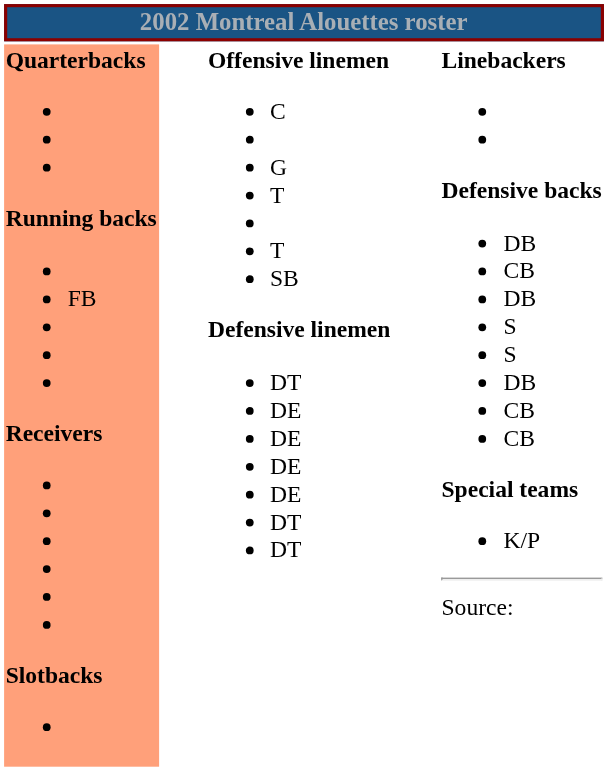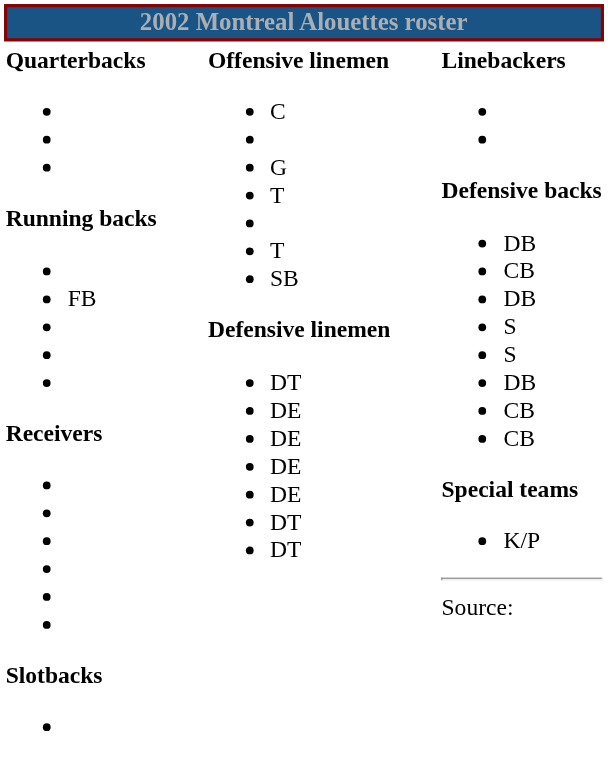 <table class="toccolours" style="text-align: left;">
 <tr>
 <th colspan="7" style="background-color: #1A5484; color:#A9AFB5; border:2px solid darkred; text-align: center">2002 Montreal Alouettes roster</th>
 </tr>
 <tr>
-<td style="background: lightsalmon; font-size: 95%;" valign="top"><strong>Quarterbacks</strong><br><ul><li></li><li></li><li></li></ul><strong>Running backs</strong><ul><li></li><li> FB</li><li></li><li></li><li></li></ul><strong>Receivers</strong><ul><li></li><li></li><li></li><li></li><li></li><li></li></ul><strong>Slotbacks</strong><ul><li></li></ul></td>
+<td style="font-size: 95%;" valign="top"><strong>Quarterbacks</strong><br><ul><li></li><li></li><li></li></ul><strong>Running backs</strong><ul><li></li><li> FB</li><li></li><li></li><li></li></ul><strong>Receivers</strong><ul><li></li><li></li><li></li><li></li><li></li><li></li></ul><strong>Slotbacks</strong><ul><li></li></ul></td>
 <td style="width: 25px;"></td>
 <td style="font-size: 95%;" valign="top"><strong>Offensive linemen</strong><br><ul><li> C</li><li></li><li> G</li><li> T</li><li></li><li> T</li><li> SB</li></ul><strong>Defensive linemen</strong><ul><li> DT</li><li> DE</li><li> DE</li><li> DE</li><li> DE</li><li> DT</li><li> DT</li></ul></td>
 <td style="width: 25px;"></td>
 <td style="font-size: 95%;" valign="top"><strong>Linebackers</strong><br><ul><li></li><li></li></ul><strong>Defensive backs</strong><ul><li> DB</li><li> CB</li><li> DB</li><li> S</li><li> S</li><li> DB</li><li> CB</li><li> CB</li></ul><strong>Special teams</strong><ul><li> K/P</li></ul><hr> Source: </td>
 </tr>
 <tr>
 </tr>
 </table>
